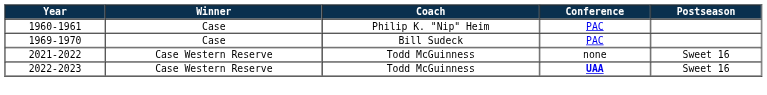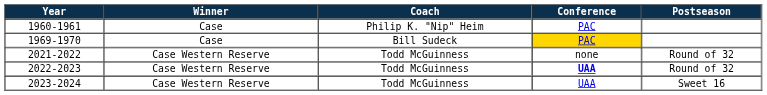 <table bcellpadding="1" border="1" cellspacing="0" style="width:80%;"valign="top">
 <tr>
 <th - style="background:#0A304E; color:white">Year</th>
 <th - style="background:#0A304E; color:white">Winner</th>
 <th - style="background:#0A304E; color:white">Coach</th>
 <th - style="background:#0A304E; color:white">Conference</th>
 <th - style="background:#0A304E; color:white">Postseason</th>
 </tr>
 <tr style="text-align:center;">
 <td>1960-1961</td>
 <td>Case</td>
 <td>Philip K. "Nip" Heim</td>
 <td><a href='#'>PAC</a></td>
 <td></td>
 </tr>
 <tr style="text-align:center;">
 <td>1969-1970</td>
 <td>Case</td>
 <td>Bill Sudeck</td>
-<td><a href='#'>PAC</a></td>
+<td style="background: gold;"><a href='#'>PAC</a></td>
 <td></td>
 </tr>
 <tr style="text-align:center;">
 <td>2021-2022</td>
 <td>Case Western Reserve</td>
 <td>Todd McGuinness</td>
 <td>none</td>
-<td>Sweet 16</td>
+<td>Round of 32</td>
 </tr>
 <tr style="text-align:center;">
 <td>2022-2023</td>
 <td>Case Western Reserve</td>
 <td>Todd McGuinness</td>
 <td><strong><a href='#'>UAA</a></strong></td>
+<td>Round of 32</td>
+</tr>
+<tr style="text-align:center;">
+<td>2023-2024</td>
+<td>Case Western Reserve</td>
+<td>Todd McGuinness</td>
+<td><a href='#'>UAA</a></td>
 <td>Sweet 16</td>
 </tr>
 </table>
